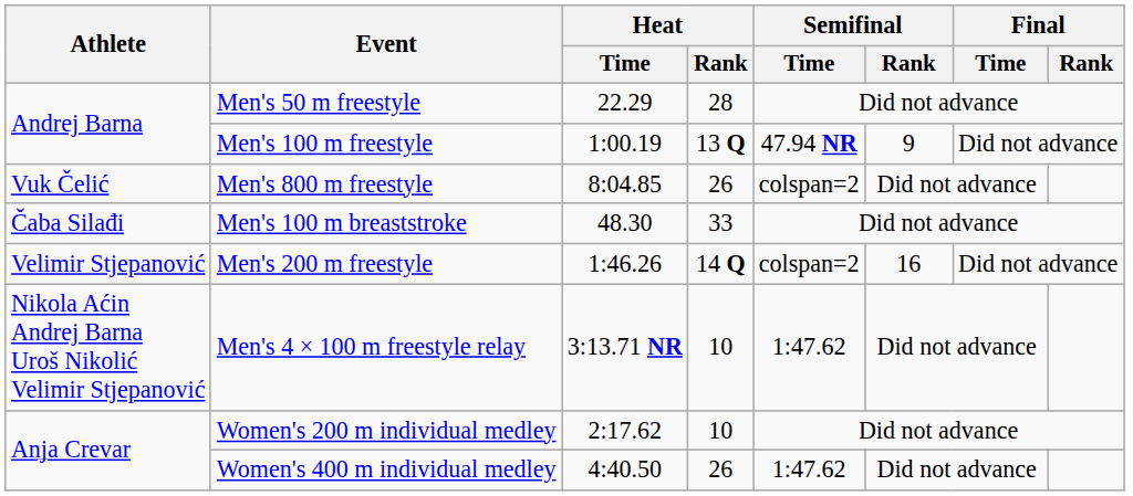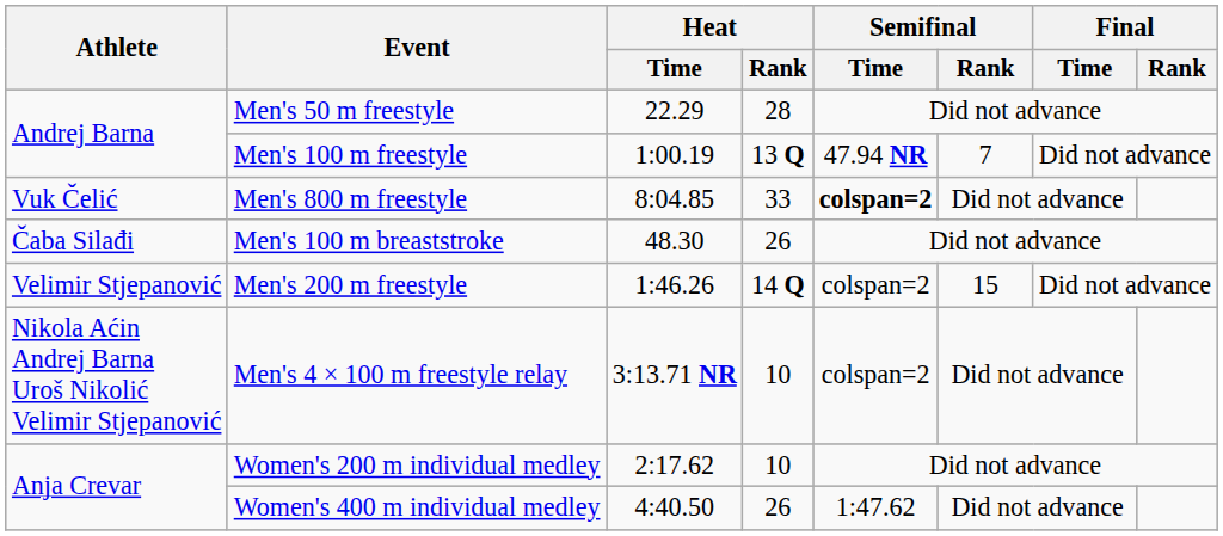 <table class=wikitable style="font-size:90%">
 <tr>
 <th rowspan="2">Athlete</th>
 <th rowspan="2">Event</th>
 <th colspan="2">Heat</th>
 <th colspan="2">Semifinal</th>
 <th colspan="2">Final</th>
 </tr>
 <tr style="font-size:95%">
 <th>Time</th>
 <th>Rank</th>
 <th>Time</th>
 <th>Rank</th>
 <th>Time</th>
 <th>Rank</th>
 </tr>
 <tr align=center>
 <td align=left rowspan=2><a href='#'>Andrej Barna</a></td>
 <td align=left><a href='#'>Men's 50 m freestyle</a></td>
 <td>22.29</td>
 <td>28</td>
 <td colspan="4">Did not advance</td>
 </tr>
 <tr align=center>
 <td align=left><a href='#'>Men's 100 m freestyle</a></td>
 <td>1:00.19</td>
 <td>13 <strong>Q</strong></td>
 <td>47.94 <strong><a href='#'>NR</a></strong></td>
-<td>9</td>
+<td>7</td>
 <td colspan="2">Did not advance</td>
 </tr>
 <tr align=center>
 <td align=left><a href='#'>Vuk Čelić</a></td>
 <td align=left><a href='#'>Men's 800 m freestyle</a></td>
 <td>8:04.85</td>
-<td>26</td>
-<td>colspan=2 </td>
+<td>33</td>
+<td><strong>colspan=2 </strong></td>
 <td colspan="2">Did not advance</td>
 </tr>
 <tr align=center>
 <td align=left><a href='#'>Čaba Silađi</a></td>
 <td align=left><a href='#'>Men's 100 m breaststroke</a></td>
 <td>48.30</td>
-<td>33</td>
+<td>26</td>
 <td colspan="4">Did not advance</td>
 </tr>
 <tr align=center>
 <td align=left><a href='#'>Velimir Stjepanović</a></td>
 <td align=left><a href='#'>Men's 200 m freestyle</a></td>
 <td>1:46.26</td>
 <td>14 <strong>Q</strong></td>
 <td>colspan=2 </td>
-<td>16</td>
+<td>15</td>
 <td colspan="2">Did not advance</td>
 </tr>
 <tr align=center>
 <td align=left><a href='#'>Nikola Aćin</a><br><a href='#'>Andrej Barna</a><br><a href='#'>Uroš Nikolić</a><br><a href='#'>Velimir Stjepanović</a></td>
 <td align=left><a href='#'>Men's 4 × 100 m freestyle relay</a></td>
 <td>3:13.71 <strong><a href='#'>NR</a></strong></td>
 <td>10</td>
-<td>1:47.62</td>
+<td>colspan=2 </td>
 <td colspan="2">Did not advance</td>
 </tr>
 <tr align=center>
 <td align=left rowspan=2><a href='#'>Anja Crevar</a></td>
 <td align=left><a href='#'>Women's 200 m individual medley</a></td>
 <td>2:17.62</td>
 <td>10</td>
 <td colspan="4">Did not advance</td>
 </tr>
 <tr align=center>
 <td align=left><a href='#'>Women's 400 m individual medley</a></td>
 <td>4:40.50</td>
 <td>26</td>
 <td>1:47.62</td>
 <td colspan="2">Did not advance</td>
 </tr>
 </table>
